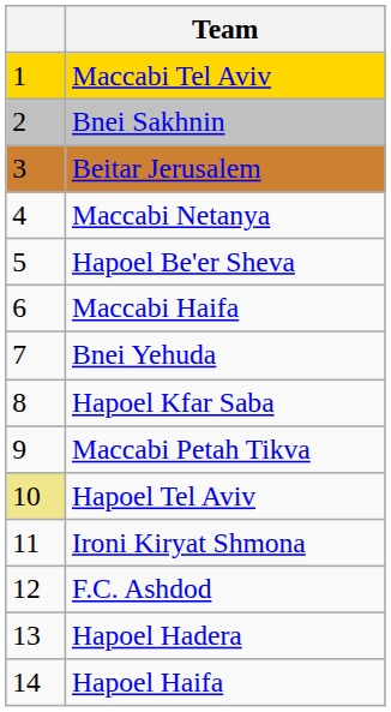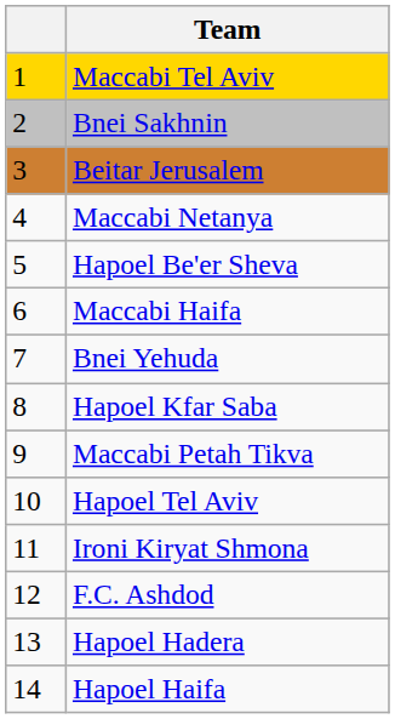 <table class="wikitable" style="font-size: 95%;">
 <tr>
 <th width=25></th>
 <th width=165>Team</th>
 </tr>
 <tr bgcolor=gold>
 <td>1</td>
 <td><a href='#'>Maccabi Tel Aviv</a></td>
 </tr>
 <tr bgcolor=silver>
 <td>2</td>
 <td><a href='#'>Bnei Sakhnin</a></td>
 </tr>
 <tr bgcolor=cd7f32>
 <td>3</td>
 <td><a href='#'>Beitar Jerusalem</a></td>
 </tr>
 <tr>
 <td>4</td>
 <td><a href='#'>Maccabi Netanya</a></td>
 </tr>
 <tr>
 <td>5</td>
 <td><a href='#'>Hapoel Be'er Sheva</a></td>
 </tr>
 <tr>
 <td>6</td>
 <td><a href='#'>Maccabi Haifa</a></td>
 </tr>
 <tr>
 <td>7</td>
 <td><a href='#'>Bnei Yehuda</a></td>
 </tr>
 <tr>
 <td>8</td>
 <td><a href='#'>Hapoel Kfar Saba</a></td>
 </tr>
 <tr>
 <td>9</td>
 <td><a href='#'>Maccabi Petah Tikva</a></td>
 </tr>
 <tr>
-<td style="background: khaki;">10</td>
+<td>10</td>
 <td><a href='#'>Hapoel Tel Aviv</a></td>
 </tr>
 <tr>
 <td>11</td>
 <td><a href='#'>Ironi Kiryat Shmona</a></td>
 </tr>
 <tr>
 <td>12</td>
 <td><a href='#'>F.C. Ashdod</a></td>
 </tr>
 <tr>
 <td>13</td>
 <td><a href='#'>Hapoel Hadera</a></td>
 </tr>
 <tr>
 <td>14</td>
 <td><a href='#'>Hapoel Haifa</a></td>
 </tr>
 </table>
